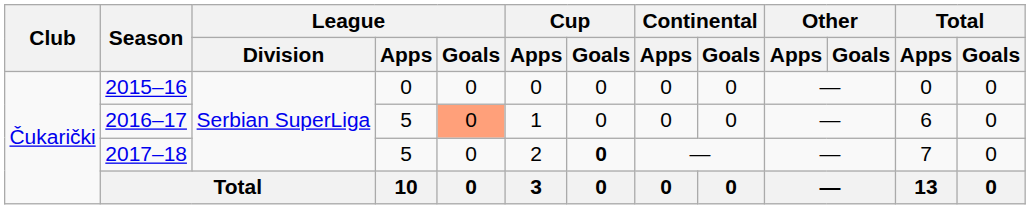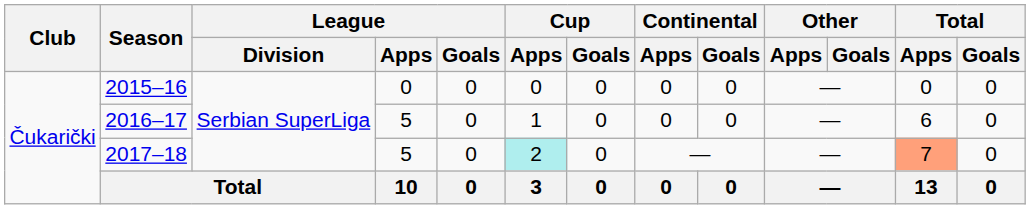 <table class="wikitable" style="text-align:center">
 <tr>
 <th rowspan="2">Club</th>
 <th rowspan="2">Season</th>
 <th colspan="3">League</th>
 <th colspan="2">Cup</th>
 <th colspan="2">Continental</th>
 <th colspan="2">Other</th>
 <th colspan="2">Total</th>
 </tr>
 <tr>
 <th>Division</th>
 <th>Apps</th>
 <th>Goals</th>
 <th>Apps</th>
 <th>Goals</th>
 <th>Apps</th>
 <th>Goals</th>
 <th>Apps</th>
 <th>Goals</th>
 <th>Apps</th>
 <th>Goals</th>
 </tr>
 <tr>
 <td rowspan="4"><a href='#'>Čukarički</a></td>
 <td><a href='#'>2015–16</a></td>
 <td rowspan=3><a href='#'>Serbian SuperLiga</a></td>
 <td>0</td>
 <td>0</td>
 <td>0</td>
 <td>0</td>
 <td>0</td>
 <td>0</td>
 <td colspan="2">—</td>
 <td>0</td>
 <td>0</td>
 </tr>
 <tr>
 <td><a href='#'>2016–17</a></td>
 <td>5</td>
-<td style="background: lightsalmon;">0</td>
+<td>0</td>
 <td>1</td>
 <td>0</td>
 <td>0</td>
 <td>0</td>
 <td colspan="2">—</td>
 <td>6</td>
 <td>0</td>
 </tr>
 <tr>
 <td><a href='#'>2017–18</a></td>
 <td>5</td>
 <td>0</td>
-<td>2</td>
-<td><strong>0</strong></td>
+<td style="background: paleturquoise;">2</td>
+<td>0</td>
 <td colspan="2">—</td>
 <td colspan="2">—</td>
-<td>7</td>
+<td style="background: lightsalmon;">7</td>
 <td>0</td>
 </tr>
 <tr>
 <th colspan="2">Total</th>
 <th>10</th>
 <th>0</th>
 <th>3</th>
 <th>0</th>
 <th>0</th>
 <th>0</th>
 <th colspan="2">—</th>
 <th>13</th>
 <th>0</th>
 </tr>
 </table>
